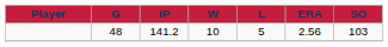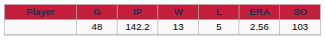 <table class="wikitable sortable">
 <tr>
 <th style="background:#C41E3A;color:#14345B;" width="16%">Player</th>
 <th style="background:#C41E3A;color:#14345B;" width="9%">G</th>
 <th style="background:#C41E3A;color:#14345B;" width="9%">IP</th>
 <th style="background:#C41E3A;color:#14345B;" width="9%">W</th>
 <th style="background:#C41E3A;color:#14345B;" width="9%">L</th>
 <th style="background:#C41E3A;color:#14345B;" width="9%">ERA</th>
 <th style="background:#C41E3A;color:#14345B;" width="9%">SO</th>
 </tr>
 <tr align="center">
 <td></td>
 <td>48</td>
-<td>141.2</td>
-<td>10</td>
+<td>142.2</td>
+<td>13</td>
 <td>5</td>
 <td>2.56</td>
 <td>103</td>
 </tr>
 <tr align="center">
 </tr>
 </table>
